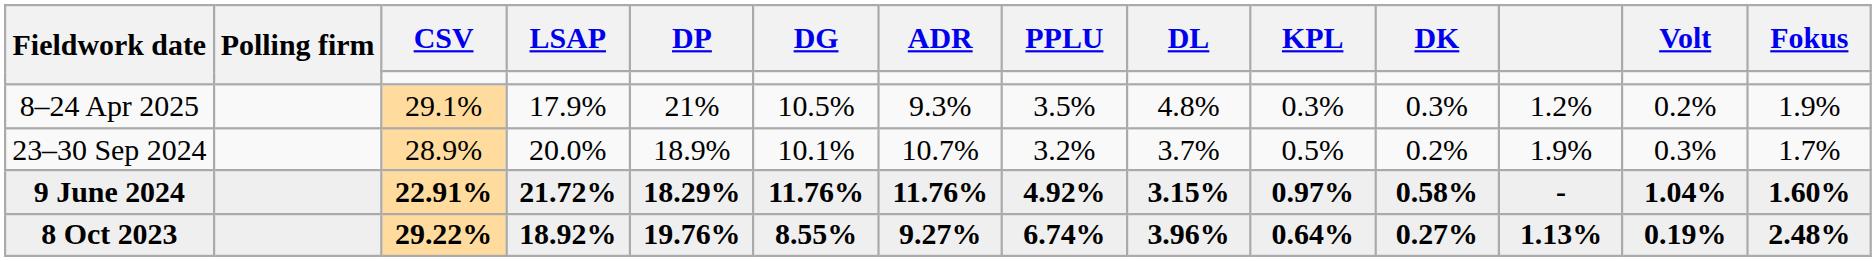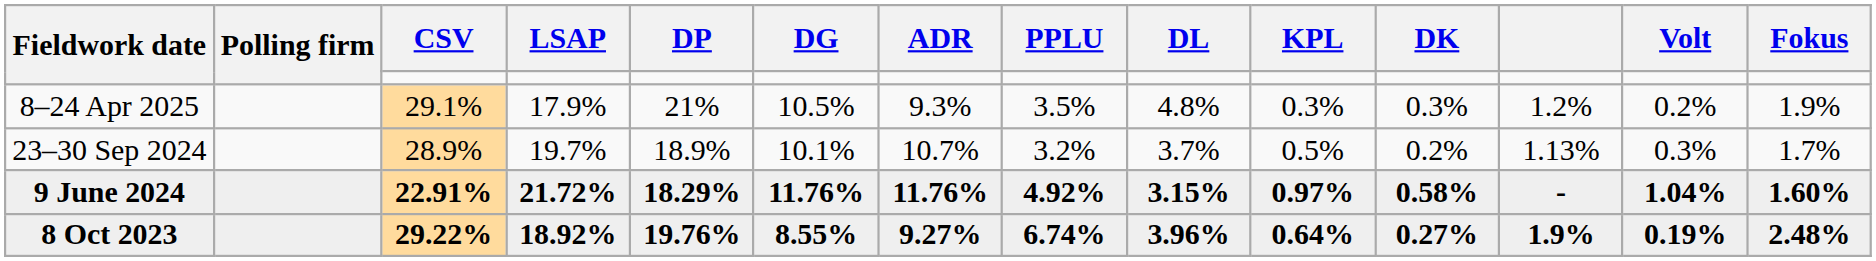 <table class="wikitable" style="text-align:center;font-size:85%;line-height:13px">
 <tr style="height:30px">
 <th rowspan=2>Fieldwork date</th>
 <th rowspan=2>Polling firm</th>
 <th width=50px><a href='#'>CSV</a></th>
 <th width="50px"><a href='#'>LSAP</a></th>
 <th width="50px"><a href='#'>DP</a></th>
 <th width=50px><a href='#'>DG</a></th>
 <th width=50px><a href='#'>ADR</a></th>
 <th width=50px><a href='#'>PPLU</a></th>
 <th width=50px><a href='#'>DL</a></th>
 <th width=50px><a href='#'>KPL</a></th>
 <th width=50px><a href='#'>DK</a></th>
 <th width=50px></th>
 <th width="50px"><a href='#'>Volt</a></th>
 <th width=50px><a href='#'>Fokus</a></th>
 </tr>
 <tr>
 <td bgcolor=></td>
 <td></td>
 <td></td>
 <td bgcolor=></td>
 <td bgcolor=></td>
 <td bgcolor=></td>
 <td bgcolor=></td>
 <td bgcolor=></td>
 <td bgcolor=></td>
 <td bgcolor=></td>
 <td></td>
 <td bgcolor=></td>
 </tr>
 <tr>
 <td>8–24 Apr 2025</td>
 <td></td>
 <td style="background:#ffdb9d">29.1%</td>
 <td>17.9%</td>
 <td>21%</td>
 <td>10.5%</td>
 <td>9.3%</td>
 <td>3.5%</td>
 <td>4.8%</td>
 <td>0.3%</td>
 <td>0.3%</td>
 <td>1.2%</td>
 <td>0.2%</td>
 <td>1.9%</td>
 </tr>
 <tr>
 <td>23–30 Sep 2024</td>
 <td></td>
 <td style="background:#ffdb9d">28.9%</td>
-<td>20.0%</td>
+<td>19.7%</td>
 <td>18.9%</td>
 <td>10.1%</td>
 <td>10.7%</td>
 <td>3.2%</td>
 <td>3.7%</td>
 <td>0.5%</td>
 <td>0.2%</td>
-<td>1.9%</td>
+<td>1.13%</td>
 <td>0.3%</td>
 <td>1.7%</td>
 </tr>
 <tr style="background:#EFEFEF; font-weight:bold;">
 <td>9 June 2024</td>
 <td></td>
 <td style="background:#ffdb9d">22.91%</td>
 <td>21.72%</td>
 <td>18.29%</td>
 <td>11.76%</td>
 <td>11.76%</td>
 <td>4.92%</td>
 <td>3.15%</td>
 <td>0.97%</td>
 <td>0.58%</td>
 <td>-</td>
 <td>1.04%</td>
 <td>1.60%</td>
 </tr>
 <tr style="background:#EFEFEF; font-weight:bold;">
 <td>8 Oct 2023</td>
 <td></td>
 <td style="background:#ffdb9d">29.22%</td>
 <td>18.92%</td>
 <td>19.76%</td>
 <td>8.55%</td>
 <td>9.27%</td>
 <td>6.74%</td>
 <td>3.96%</td>
 <td>0.64%</td>
 <td>0.27%</td>
-<td>1.13%</td>
+<td>1.9%</td>
 <td>0.19%</td>
 <td>2.48%</td>
 </tr>
 </table>
